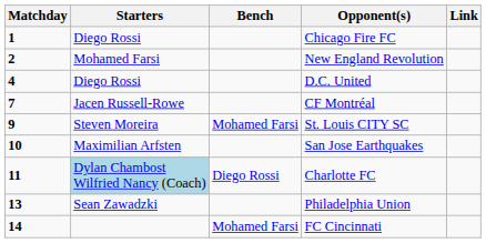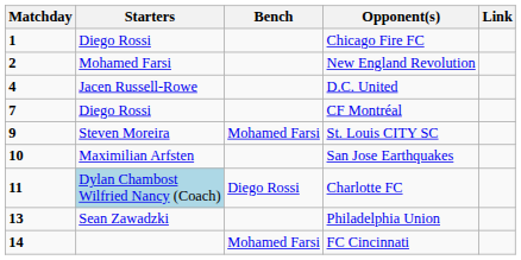 <table class=wikitable style="display:inline-table;">
 <tr>
 <th>Matchday</th>
 <th>Starters</th>
 <th>Bench</th>
 <th>Opponent(s)</th>
 <th>Link</th>
 </tr>
 <tr>
 <td><strong>1</strong></td>
 <td> <a href='#'>Diego Rossi</a></td>
 <td></td>
 <td> <a href='#'>Chicago Fire FC</a></td>
 <td></td>
 </tr>
 <tr>
 <td><strong>2</strong></td>
 <td> <a href='#'>Mohamed Farsi</a></td>
 <td></td>
 <td> <a href='#'>New England Revolution</a></td>
 <td></td>
 </tr>
 <tr>
 <td><strong>4</strong></td>
-<td> <a href='#'>Diego Rossi</a></td>
+<td> <a href='#'>Jacen Russell-Rowe</a></td>
 <td></td>
 <td> <a href='#'>D.C. United</a></td>
 <td></td>
 </tr>
 <tr>
 <td><strong>7</strong></td>
-<td> <a href='#'>Jacen Russell-Rowe</a></td>
+<td> <a href='#'>Diego Rossi</a></td>
 <td></td>
 <td> <a href='#'>CF Montréal</a></td>
 <td></td>
 </tr>
 <tr>
 <td><strong>9</strong></td>
 <td> <a href='#'>Steven Moreira</a></td>
 <td> <a href='#'>Mohamed Farsi</a></td>
 <td> <a href='#'>St. Louis CITY SC</a></td>
 <td></td>
 </tr>
 <tr>
 <td><strong>10</strong></td>
 <td> <a href='#'>Maximilian Arfsten</a></td>
 <td></td>
 <td> <a href='#'>San Jose Earthquakes</a></td>
 <td></td>
 </tr>
 <tr>
 <td><strong>11</strong></td>
 <td style="background: lightblue;"> <a href='#'>Dylan Chambost</a><br> <a href='#'>Wilfried Nancy</a> (Coach)</td>
 <td> <a href='#'>Diego Rossi</a></td>
 <td> <a href='#'>Charlotte FC</a></td>
 <td></td>
 </tr>
 <tr>
 <td><strong>13</strong></td>
 <td> <a href='#'>Sean Zawadzki</a></td>
 <td></td>
 <td> <a href='#'>Philadelphia Union</a></td>
 <td></td>
 </tr>
 <tr>
 <td><strong>14</strong></td>
 <td></td>
 <td> <a href='#'>Mohamed Farsi</a></td>
 <td> <a href='#'>FC Cincinnati</a></td>
 <td></td>
 </tr>
 </table>
